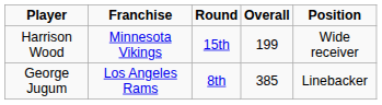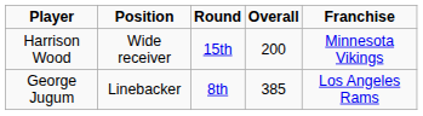 <table class="wikitable" width="50%">
 <tr align="center">
 <td><strong>Player</strong></td>
-<td><strong>Franchise</strong></td>
+<td><strong>Position</strong></td>
 <td><strong>Round</strong></td>
 <td><strong>Overall</strong></td>
-<td><strong>Position</strong></td>
+<td><strong>Franchise</strong></td>
 </tr>
 <tr align="center" bgcolor="">
 <td>Harrison Wood</td>
+<td>Wide receiver</td>
+<td><a href='#'>15th</a></td>
+<td>200</td>
 <td><a href='#'>Minnesota Vikings</a></td>
-<td><a href='#'>15th</a></td>
-<td>199</td>
-<td>Wide receiver</td>
 </tr>
 <tr align="center" bgcolor="">
 <td>George Jugum</td>
-<td><a href='#'>Los Angeles Rams</a><br></td>
+<td>Linebacker</td>
 <td><a href='#'>8th</a></td>
 <td>385</td>
-<td>Linebacker</td>
+<td><a href='#'>Los Angeles Rams</a><br></td>
 </tr>
 </table>
